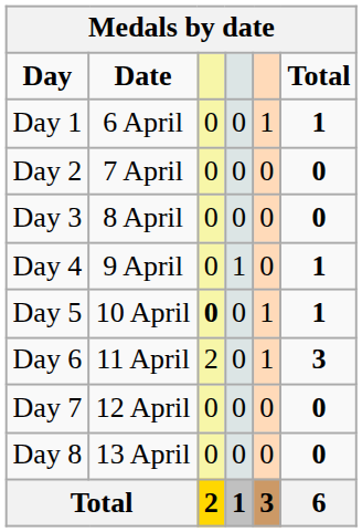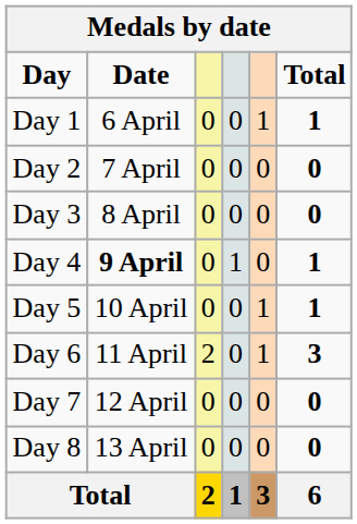 <table class=wikitable style="font-size:85%; text-align:center; float:right;">
 <tr bgcolor=efefef>
 <th colspan=7>Medals by date</th>
 </tr>
 <tr style="text-align:center">
 <td><strong>Day</strong></td>
 <td><strong>Date</strong></td>
 <td bgcolor=#f7f6a8></td>
 <td bgcolor=#dce5e5></td>
 <td bgcolor=#ffdab9></td>
 <td><strong>Total</strong></td>
 </tr>
 <tr style="text-align:center">
 <td>Day 1</td>
 <td>6 April</td>
 <td bgcolor=F7F6A8>0</td>
 <td bgcolor=DCE5E5>0</td>
 <td bgcolor=FFDAB9>1</td>
 <td><strong>1</strong></td>
 </tr>
 <tr style="text-align:center">
 <td>Day 2</td>
 <td>7 April</td>
 <td bgcolor=F7F6A8>0</td>
 <td bgcolor=DCE5E5>0</td>
 <td bgcolor=FFDAB9>0</td>
 <td><strong>0</strong></td>
 </tr>
 <tr style="text-align:center">
 <td>Day 3</td>
 <td>8 April</td>
 <td bgcolor=F7F6A8>0</td>
 <td bgcolor=DCE5E5>0</td>
 <td bgcolor=FFDAB9>0</td>
 <td><strong>0</strong></td>
 </tr>
 <tr style="text-align:center">
 <td>Day 4</td>
-<td>9 April</td>
+<td><strong>9 April</strong></td>
 <td bgcolor=F7F6A8>0</td>
 <td bgcolor=DCE5E5>1</td>
 <td bgcolor=FFDAB9>0</td>
 <td><strong>1</strong></td>
 </tr>
 <tr style="text-align:center">
 <td>Day 5</td>
 <td>10 April</td>
-<td bgcolor=F7F6A8><strong>0</strong></td>
+<td bgcolor=F7F6A8>0</td>
 <td bgcolor=DCE5E5>0</td>
 <td bgcolor=FFDAB9>1</td>
 <td><strong>1</strong></td>
 </tr>
 <tr style="text-align:center">
 <td>Day 6</td>
 <td>11 April</td>
 <td bgcolor=F7F6A8>2</td>
 <td bgcolor=DCE5E5>0</td>
 <td bgcolor=FFDAB9>1</td>
 <td><strong>3</strong></td>
 </tr>
 <tr style="text-align:center">
 <td>Day 7</td>
 <td>12 April</td>
 <td bgcolor=F7F6A8>0</td>
 <td bgcolor=DCE5E5>0</td>
 <td bgcolor=FFDAB9>0</td>
 <td><strong>0</strong></td>
 </tr>
 <tr style="text-align:center">
 <td>Day 8</td>
 <td>13 April</td>
 <td bgcolor=F7F6A8>0</td>
 <td bgcolor=DCE5E5>0</td>
 <td bgcolor=FFDAB9>0</td>
 <td><strong>0</strong></td>
 </tr>
 <tr>
 <th colspan=2>Total</th>
 <th style="background:gold">2</th>
 <th style="background:silver">1</th>
 <th style="background:#c96">3</th>
 <th>6</th>
 </tr>
 </table>
